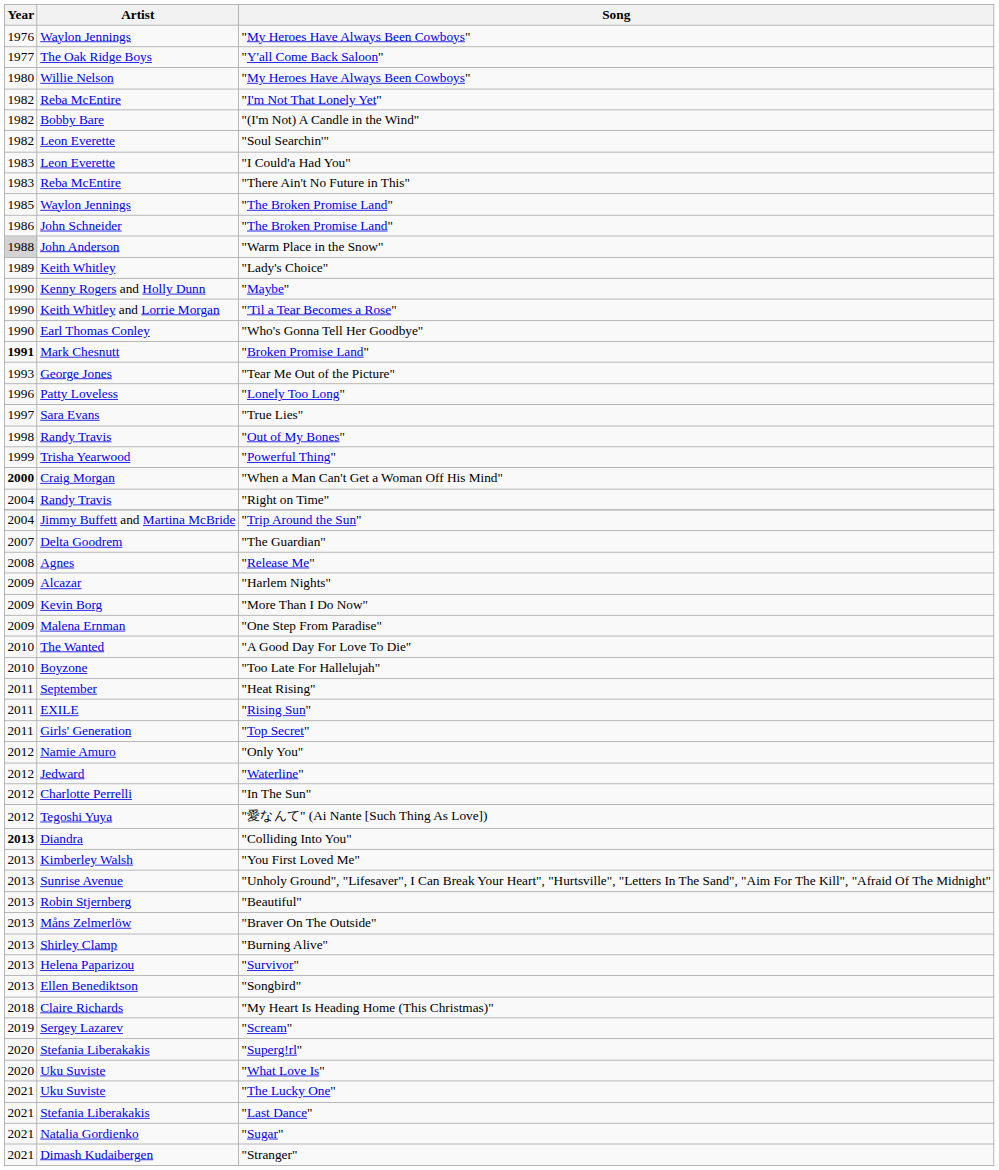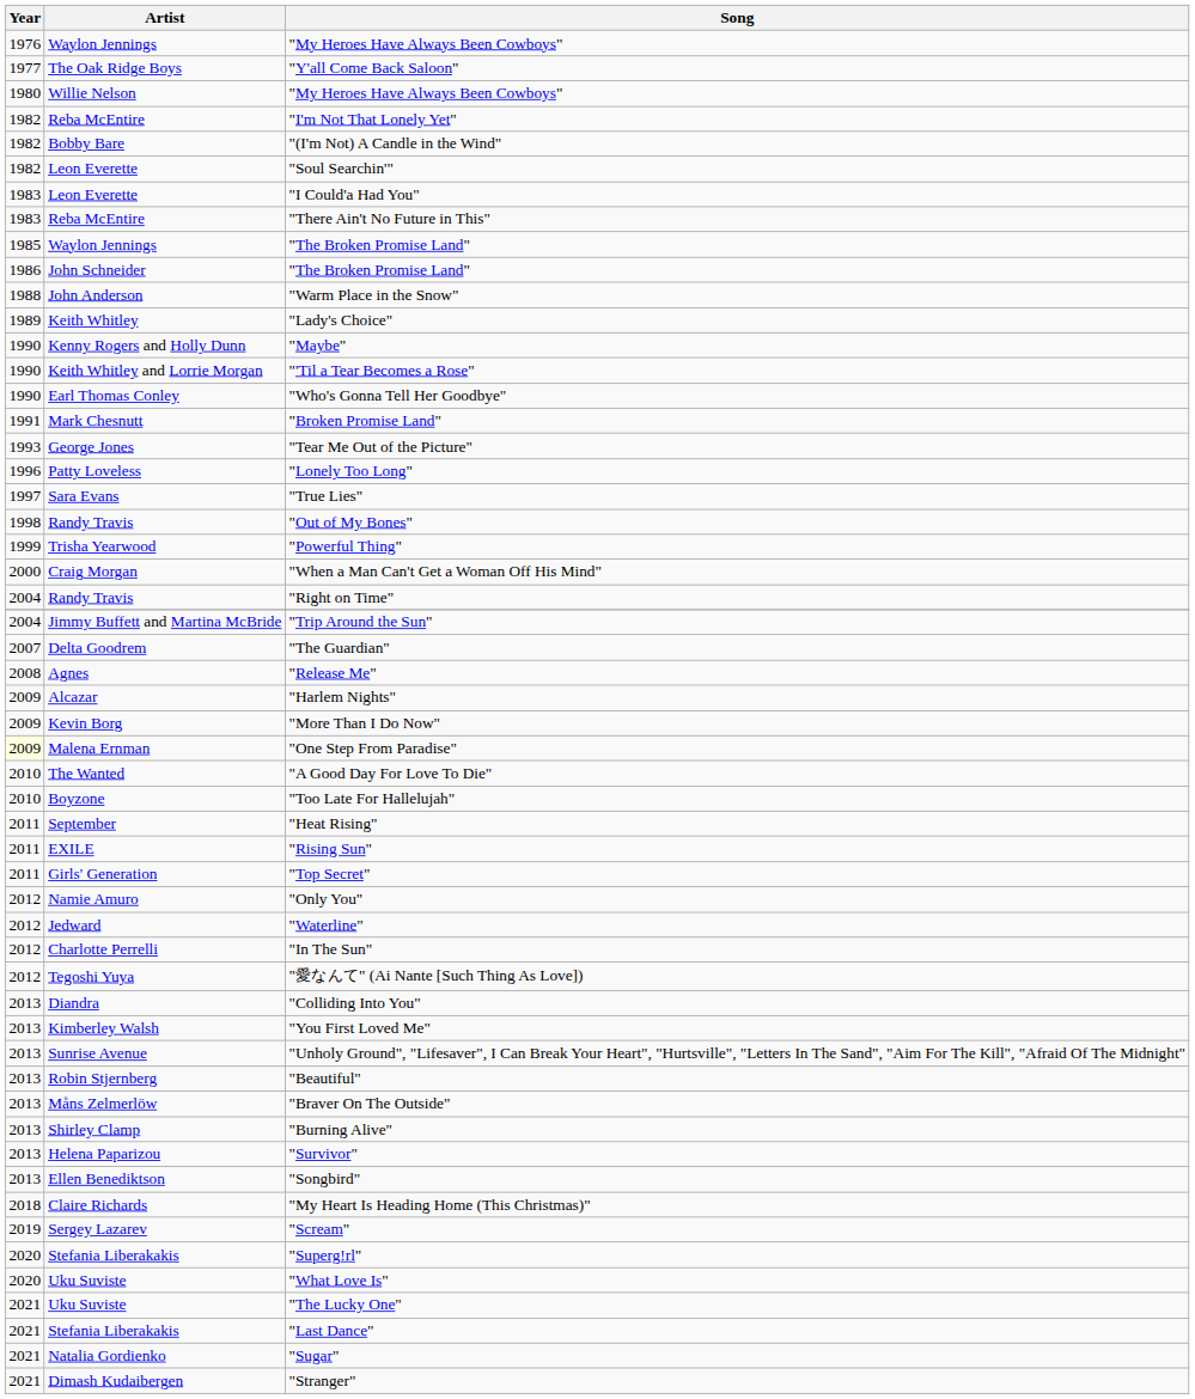 <table class="wikitable">
 <tr>
 <th>Year</th>
 <th>Artist</th>
 <th>Song</th>
 </tr>
 <tr>
 <td>1976</td>
 <td><a href='#'>Waylon Jennings</a></td>
 <td>"<a href='#'>My Heroes Have Always Been Cowboys</a>"</td>
 </tr>
 <tr>
 <td>1977</td>
 <td><a href='#'>The Oak Ridge Boys</a></td>
 <td>"<a href='#'>Y'all Come Back Saloon</a>"</td>
 </tr>
 <tr>
 <td>1980</td>
 <td><a href='#'>Willie Nelson</a></td>
 <td>"<a href='#'>My Heroes Have Always Been Cowboys</a>"</td>
 </tr>
 <tr>
 <td>1982</td>
 <td><a href='#'>Reba McEntire</a></td>
 <td>"<a href='#'>I'm Not That Lonely Yet</a>"</td>
 </tr>
 <tr>
 <td>1982</td>
 <td><a href='#'>Bobby Bare</a></td>
 <td>"(I'm Not) A Candle in the Wind"</td>
 </tr>
 <tr>
 <td>1982</td>
 <td><a href='#'>Leon Everette</a></td>
 <td>"Soul Searchin'"</td>
 </tr>
 <tr>
 <td>1983</td>
 <td><a href='#'>Leon Everette</a></td>
 <td>"I Could'a Had You"</td>
 </tr>
 <tr>
 <td>1983</td>
 <td><a href='#'>Reba McEntire</a></td>
 <td>"There Ain't No Future in This"</td>
 </tr>
 <tr>
 <td>1985</td>
 <td><a href='#'>Waylon Jennings</a></td>
 <td>"<a href='#'>The Broken Promise Land</a>"</td>
 </tr>
 <tr>
 <td>1986</td>
 <td><a href='#'>John Schneider</a></td>
 <td>"<a href='#'>The Broken Promise Land</a>"</td>
 </tr>
 <tr>
-<td style="background: lightgrey;">1988</td>
+<td>1988</td>
 <td><a href='#'>John Anderson</a></td>
 <td>"Warm Place in the Snow"</td>
 </tr>
 <tr>
 <td>1989</td>
 <td><a href='#'>Keith Whitley</a></td>
 <td>"Lady's Choice"</td>
 </tr>
 <tr>
 <td>1990</td>
 <td><a href='#'>Kenny Rogers</a> and <a href='#'>Holly Dunn</a></td>
 <td>"<a href='#'>Maybe</a>"</td>
 </tr>
 <tr>
 <td>1990</td>
 <td><a href='#'>Keith Whitley</a> and <a href='#'>Lorrie Morgan</a></td>
 <td>"<a href='#'>'Til a Tear Becomes a Rose</a>"</td>
 </tr>
 <tr>
 <td>1990</td>
 <td><a href='#'>Earl Thomas Conley</a></td>
 <td>"Who's Gonna Tell Her Goodbye"</td>
 </tr>
 <tr>
-<td><strong>1991</strong></td>
+<td>1991</td>
 <td><a href='#'>Mark Chesnutt</a></td>
 <td>"<a href='#'>Broken Promise Land</a>"</td>
 </tr>
 <tr>
 <td>1993</td>
 <td><a href='#'>George Jones</a></td>
 <td>"Tear Me Out of the Picture"</td>
 </tr>
 <tr>
 <td>1996</td>
 <td><a href='#'>Patty Loveless</a></td>
 <td>"<a href='#'>Lonely Too Long</a>"</td>
 </tr>
 <tr>
 <td>1997</td>
 <td><a href='#'>Sara Evans</a></td>
 <td>"True Lies"</td>
 </tr>
 <tr>
 <td>1998</td>
 <td><a href='#'>Randy Travis</a></td>
 <td>"<a href='#'>Out of My Bones</a>"</td>
 </tr>
 <tr>
 <td>1999</td>
 <td><a href='#'>Trisha Yearwood</a></td>
 <td>"<a href='#'>Powerful Thing</a>"</td>
 </tr>
 <tr>
-<td><strong>2000</strong></td>
+<td>2000</td>
 <td><a href='#'>Craig Morgan</a></td>
 <td>"When a Man Can't Get a Woman Off His Mind"</td>
 </tr>
 <tr>
 <td>2004</td>
 <td><a href='#'>Randy Travis</a></td>
 <td>"Right on Time"</td>
 </tr>
 <tr>
 </tr>
 <tr>
 <td>2004</td>
 <td><a href='#'>Jimmy Buffett</a> and <a href='#'>Martina McBride</a></td>
 <td>"<a href='#'>Trip Around the Sun</a>"</td>
 </tr>
 <tr>
 <td>2007</td>
 <td><a href='#'>Delta Goodrem</a></td>
 <td>"The Guardian"</td>
 </tr>
 <tr>
 <td>2008</td>
 <td><a href='#'>Agnes</a></td>
 <td>"<a href='#'>Release Me</a>"</td>
 </tr>
 <tr>
 <td>2009</td>
 <td><a href='#'>Alcazar</a></td>
 <td>"Harlem Nights"</td>
 </tr>
 <tr>
 <td>2009</td>
 <td><a href='#'>Kevin Borg</a></td>
 <td>"More Than I Do Now"</td>
 </tr>
 <tr>
-<td>2009</td>
+<td style="background: lightyellow;">2009</td>
 <td><a href='#'>Malena Ernman</a></td>
 <td>"One Step From Paradise"</td>
 </tr>
 <tr>
 <td>2010</td>
 <td><a href='#'>The Wanted</a></td>
 <td>"A Good Day For Love To Die"</td>
 </tr>
 <tr>
 <td>2010</td>
 <td><a href='#'>Boyzone</a></td>
 <td>"Too Late For Hallelujah"</td>
 </tr>
 <tr>
 <td>2011</td>
 <td><a href='#'>September</a></td>
 <td>"Heat Rising"</td>
 </tr>
 <tr>
 <td>2011</td>
 <td><a href='#'>EXILE</a></td>
 <td>"<a href='#'>Rising Sun</a>"</td>
 </tr>
 <tr>
 <td>2011</td>
 <td><a href='#'>Girls' Generation</a></td>
 <td>"<a href='#'>Top Secret</a>"</td>
 </tr>
 <tr>
 <td>2012</td>
 <td><a href='#'>Namie Amuro</a></td>
 <td>"Only You"</td>
 </tr>
 <tr>
 <td>2012</td>
 <td><a href='#'>Jedward</a></td>
 <td>"<a href='#'>Waterline</a>"</td>
 </tr>
 <tr>
 <td>2012</td>
 <td><a href='#'>Charlotte Perrelli</a></td>
 <td>"In The Sun"</td>
 </tr>
 <tr>
 <td>2012</td>
 <td><a href='#'>Tegoshi Yuya</a></td>
 <td>"愛なんて" (Ai Nante [Such Thing As Love])</td>
 </tr>
 <tr>
-<td><strong>2013</strong></td>
+<td>2013</td>
 <td><a href='#'>Diandra</a></td>
 <td>"Colliding Into You"</td>
 </tr>
 <tr>
 <td>2013</td>
 <td><a href='#'>Kimberley Walsh</a></td>
 <td>"You First Loved Me"</td>
 </tr>
 <tr>
 <td>2013</td>
 <td><a href='#'>Sunrise Avenue</a></td>
 <td>"Unholy Ground", "Lifesaver", I Can Break Your Heart", "Hurtsville", "Letters In The Sand", "Aim For The Kill", "Afraid Of The Midnight"</td>
 </tr>
 <tr>
 <td>2013</td>
 <td><a href='#'>Robin Stjernberg</a></td>
 <td>"Beautiful"</td>
 </tr>
 <tr>
 <td>2013</td>
 <td><a href='#'>Måns Zelmerlöw</a></td>
 <td>"Braver On The Outside"</td>
 </tr>
 <tr>
 <td>2013</td>
 <td><a href='#'>Shirley Clamp</a></td>
 <td>"Burning Alive"</td>
 </tr>
 <tr>
 <td>2013</td>
 <td><a href='#'>Helena Paparizou</a></td>
 <td>"<a href='#'>Survivor</a>"</td>
 </tr>
 <tr>
 <td>2013</td>
 <td><a href='#'>Ellen Benediktson</a></td>
 <td>"Songbird"</td>
 </tr>
 <tr>
 <td>2018</td>
 <td><a href='#'>Claire Richards</a></td>
 <td>"My Heart Is Heading Home (This Christmas)"</td>
 </tr>
 <tr>
 <td>2019</td>
 <td><a href='#'>Sergey Lazarev</a></td>
 <td>"<a href='#'>Scream</a>"</td>
 </tr>
 <tr>
 <td>2020</td>
 <td><a href='#'>Stefania Liberakakis</a></td>
 <td>"<a href='#'>Superg!rl</a>"</td>
 </tr>
 <tr>
 <td>2020</td>
 <td><a href='#'>Uku Suviste</a></td>
 <td>"<a href='#'>What Love Is</a>"</td>
 </tr>
 <tr>
 <td>2021</td>
 <td><a href='#'>Uku Suviste</a></td>
 <td>"<a href='#'>The Lucky One</a>"</td>
 </tr>
 <tr>
 <td>2021</td>
 <td><a href='#'>Stefania Liberakakis</a></td>
 <td>"<a href='#'>Last Dance</a>"</td>
 </tr>
 <tr>
 <td>2021</td>
 <td><a href='#'>Natalia Gordienko</a></td>
 <td>"<a href='#'>Sugar</a>"</td>
 </tr>
 <tr>
 <td>2021</td>
 <td><a href='#'>Dimash Kudaibergen</a></td>
 <td>"Stranger"</td>
 </tr>
 </table>
